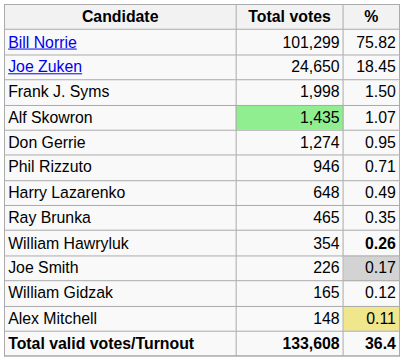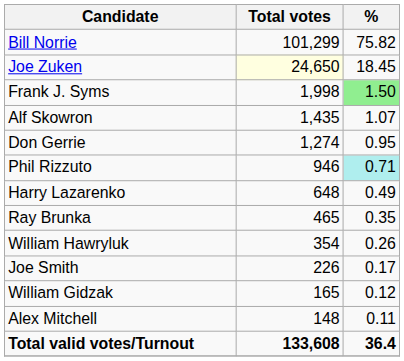 <table class="wikitable" width="400">
 <tr>
 <th align="left">Candidate</th>
 <th align="right">Total votes</th>
 <th align="right">%</th>
 </tr>
 <tr>
 <td align="left"><a href='#'>Bill Norrie</a></td>
 <td align="right">101,299</td>
 <td align="right">75.82</td>
 </tr>
 <tr>
 <td align="left"><a href='#'>Joe Zuken</a></td>
-<td align="right">24,650</td>
+<td align="right" style="background: lightyellow;">24,650</td>
 <td align="right">18.45</td>
 </tr>
 <tr>
 <td align="left">Frank J. Syms</td>
 <td align="right">1,998</td>
-<td align="right">1.50</td>
+<td align="right" style="background: lightgreen;">1.50</td>
 </tr>
 <tr>
 <td align="left">Alf Skowron</td>
-<td align="right" style="background: lightgreen;">1,435</td>
+<td align="right">1,435</td>
 <td align="right">1.07</td>
 </tr>
 <tr>
 <td align="left">Don Gerrie</td>
 <td align="right">1,274</td>
 <td align="right">0.95</td>
 </tr>
 <tr>
 <td align="left">Phil Rizzuto</td>
 <td align="right">946</td>
-<td align="right">0.71</td>
+<td align="right" style="background: paleturquoise;">0.71</td>
 </tr>
 <tr>
 <td align="left">Harry Lazarenko</td>
 <td align="right">648</td>
 <td align="right">0.49</td>
 </tr>
 <tr>
 <td align="left">Ray Brunka</td>
 <td align="right">465</td>
 <td align="right">0.35</td>
 </tr>
 <tr>
 <td align="left">William Hawryluk</td>
 <td align="right">354</td>
-<td align="right"><strong>0.26</strong></td>
+<td align="right">0.26</td>
 </tr>
 <tr>
 <td align="left">Joe Smith</td>
 <td align="right">226</td>
-<td align="right" style="background: lightgrey;">0.17</td>
+<td align="right">0.17</td>
 </tr>
 <tr>
 <td align="left">William Gidzak</td>
 <td align="right">165</td>
 <td align="right">0.12</td>
 </tr>
 <tr>
 <td align="left">Alex Mitchell</td>
 <td align="right">148</td>
-<td align="right" style="background: khaki;">0.11</td>
+<td align="right">0.11</td>
 </tr>
 <tr>
 <td align="left"><strong>Total valid votes/Turnout</strong></td>
 <td align="right"><strong>133,608</strong></td>
 <td align="right"><strong>36.4</strong></td>
 </tr>
 <tr>
 </tr>
 </table>
